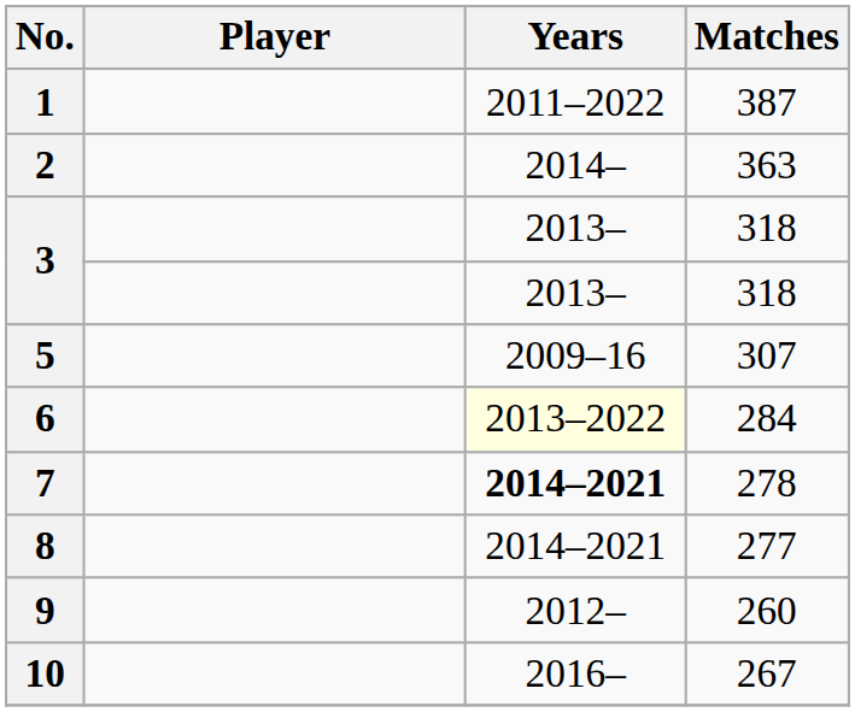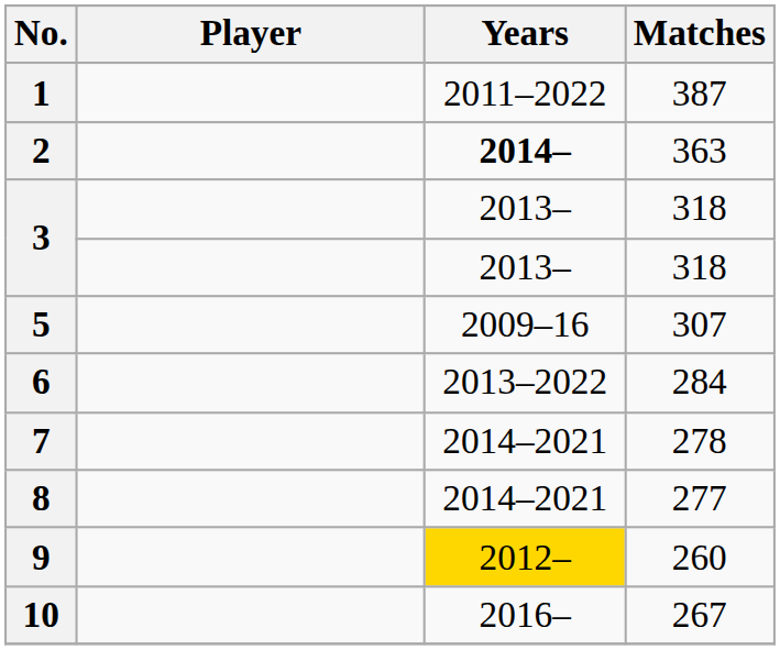 <table class="wikitable sortable" style="text-align:center">
 <tr>
 </tr>
 <tr>
 <th>No.</th>
 <th width=145>Player</th>
 <th width=80>Years</th>
 <th>Matches</th>
 </tr>
 <tr>
 <th>1</th>
 <td></td>
 <td>2011–2022</td>
 <td>387</td>
 </tr>
 <tr>
 <th>2</th>
 <td><strong></strong></td>
-<td>2014–</td>
+<td><strong>2014–</strong></td>
 <td>363</td>
 </tr>
 <tr>
 <th rowspan=2>3</th>
 <td><strong></strong></td>
 <td>2013–</td>
 <td>318</td>
 </tr>
 <tr>
 <td><strong></strong></td>
 <td>2013–</td>
 <td>318</td>
 </tr>
 <tr>
 <th>5</th>
 <td></td>
 <td>2009–16</td>
 <td>307</td>
 </tr>
 <tr>
 <th>6</th>
 <td></td>
-<td style="background: lightyellow;">2013–2022</td>
+<td>2013–2022</td>
 <td>284</td>
 </tr>
 <tr>
 <th>7</th>
 <td></td>
-<td><strong>2014–2021</strong></td>
+<td>2014–2021</td>
 <td>278</td>
 </tr>
 <tr>
 <th>8</th>
 <td></td>
 <td>2014–2021</td>
 <td>277</td>
 </tr>
 <tr>
 <th>9</th>
 <td><strong></strong></td>
-<td>2012–</td>
+<td style="background: gold;">2012–</td>
 <td>260</td>
 </tr>
 <tr>
 <th>10</th>
 <td><strong></strong></td>
 <td>2016–</td>
 <td>267</td>
 </tr>
 <tr>
 </tr>
 </table>
